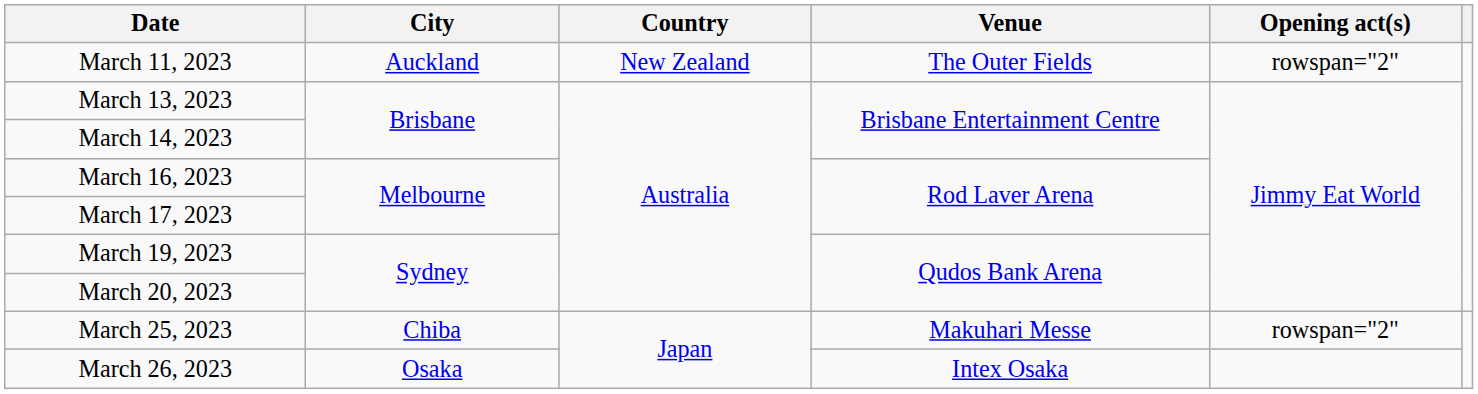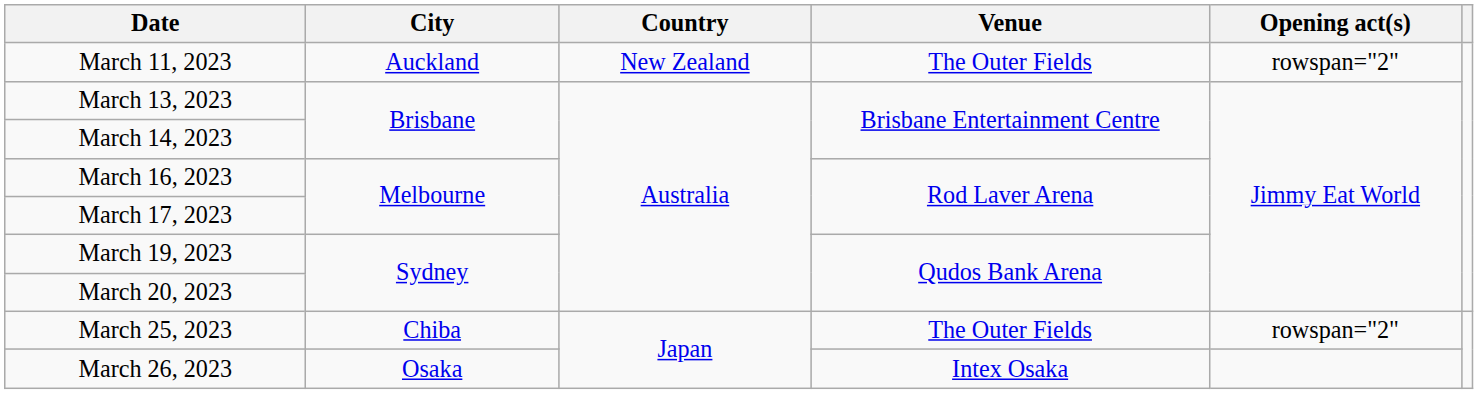 <table class="wikitable plainrowheaders" style="text-align:center;">
 <tr>
 <th scope="col" style="width:12em;">Date</th>
 <th scope="col" style="width:10em;">City</th>
 <th scope="col" style="width:10em;">Country</th>
 <th scope="col" style="width:16em;">Venue</th>
 <th scope="col" style="width:10em;">Opening act(s)</th>
 <th></th>
 </tr>
 <tr>
 <td>March 11, 2023</td>
 <td><a href='#'>Auckland</a></td>
 <td><a href='#'>New Zealand</a></td>
 <td><a href='#'>The Outer Fields</a></td>
 <td>rowspan="2" </td>
 <td rowspan="7"></td>
 </tr>
 <tr>
 <td>March 13, 2023</td>
 <td rowspan="2"><a href='#'>Brisbane</a></td>
 <td rowspan="6"><a href='#'>Australia</a></td>
 <td rowspan="2"><a href='#'>Brisbane Entertainment Centre</a></td>
 <td rowspan="6"><a href='#'>Jimmy Eat World</a></td>
 </tr>
 <tr>
 <td>March 14, 2023</td>
 </tr>
 <tr>
 <td>March 16, 2023</td>
 <td rowspan="2"><a href='#'>Melbourne</a></td>
 <td rowspan="2"><a href='#'>Rod Laver Arena</a></td>
 </tr>
 <tr>
 <td>March 17, 2023</td>
 </tr>
 <tr>
 <td>March 19, 2023</td>
 <td rowspan="2"><a href='#'>Sydney</a></td>
 <td rowspan="2"><a href='#'>Qudos Bank Arena</a></td>
 </tr>
 <tr>
 <td>March 20, 2023</td>
 </tr>
 <tr>
 <td>March 25, 2023</td>
 <td><a href='#'>Chiba</a></td>
 <td rowspan="2"><a href='#'>Japan</a></td>
-<td><a href='#'>Makuhari Messe</a></td>
+<td><a href='#'>The Outer Fields</a></td>
 <td>rowspan="2" </td>
 <td rowspan="2"></td>
 </tr>
 <tr>
 <td>March 26, 2023</td>
 <td><a href='#'>Osaka</a></td>
 <td><a href='#'>Intex Osaka</a></td>
 </tr>
 </table>
